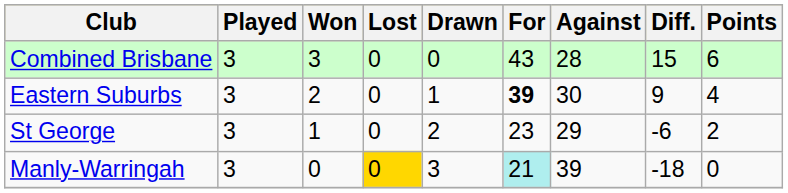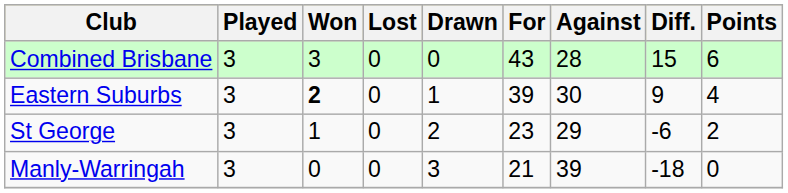 <table class="wikitable">
 <tr style="background:#bdb76b;">
 <th>Club</th>
 <th>Played</th>
 <th>Won</th>
 <th>Lost</th>
 <th>Drawn</th>
 <th>For</th>
 <th>Against</th>
 <th>Diff.</th>
 <th>Points</th>
 </tr>
 <tr style="background:#cfc;">
 <td> <a href='#'>Combined Brisbane</a></td>
 <td>3</td>
 <td>3</td>
 <td>0</td>
 <td>0</td>
 <td>43</td>
 <td>28</td>
 <td>15</td>
 <td>6</td>
 </tr>
 <tr>
 <td> <a href='#'>Eastern Suburbs</a></td>
 <td>3</td>
-<td>2</td>
+<td><strong>2</strong></td>
 <td>0</td>
 <td>1</td>
-<td><strong>39</strong></td>
+<td>39</td>
 <td>30</td>
 <td>9</td>
 <td>4</td>
 </tr>
 <tr>
 <td> <a href='#'>St George</a></td>
 <td>3</td>
 <td>1</td>
 <td>0</td>
 <td>2</td>
 <td>23</td>
 <td>29</td>
 <td>-6</td>
 <td>2</td>
 </tr>
 <tr>
 <td> <a href='#'>Manly-Warringah</a></td>
 <td>3</td>
 <td>0</td>
-<td style="background: gold;">0</td>
+<td>0</td>
 <td>3</td>
-<td style="background: paleturquoise;">21</td>
+<td>21</td>
 <td>39</td>
 <td>-18</td>
 <td>0</td>
 </tr>
 <tr>
 </tr>
 </table>
